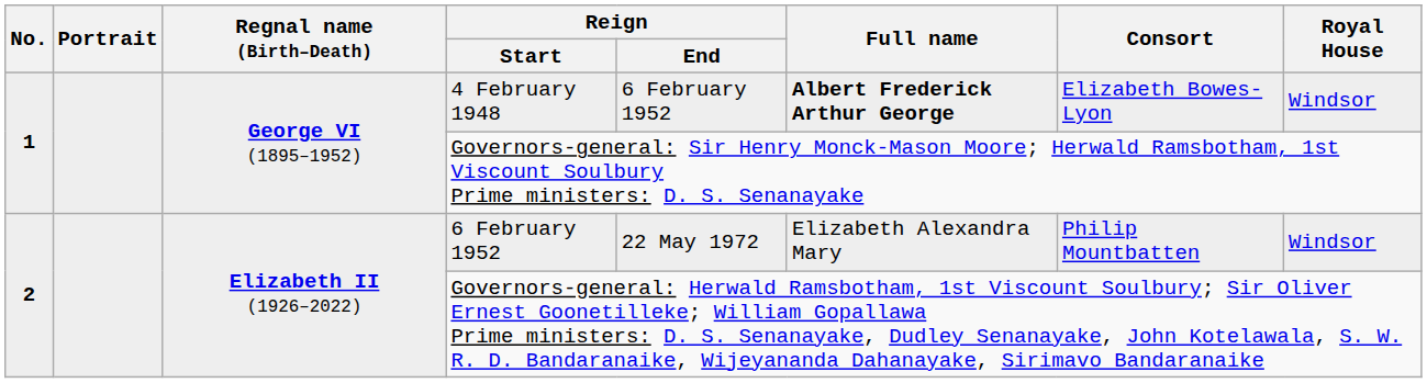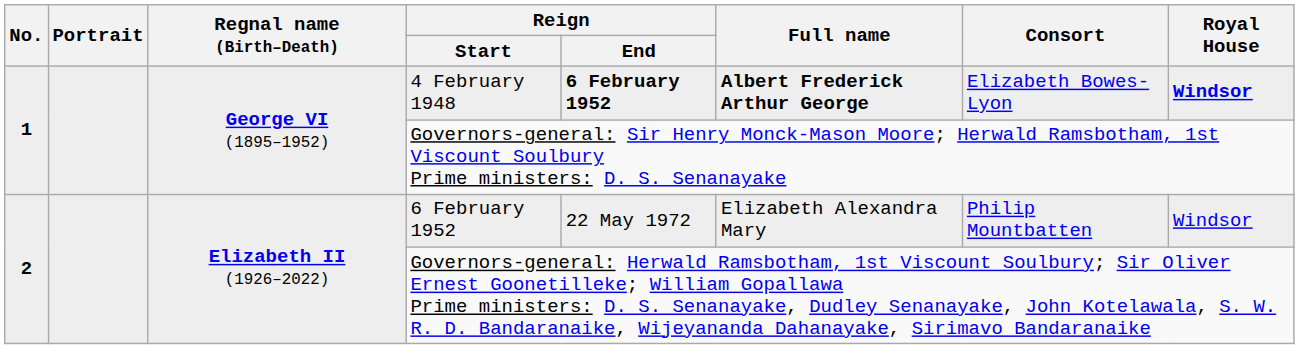 <table class="wikitable" style="width:100%;">
 <tr>
 <th rowspan="2">No.</th>
 <th rowspan="2">Portrait</th>
 <th rowspan="2" style="width:20%;">Regnal name<br><small>(Birth–Death)</small></th>
 <th colspan=2>Reign</th>
 <th rowspan="2">Full name</th>
 <th rowspan="2">Consort</th>
 <th rowspan="2">Royal House</th>
 </tr>
 <tr>
 <th>Start</th>
 <th>End</th>
 </tr>
 <tr style="background:#eee;">
 <td rowspan="2" style="text-align:center;"><strong>1</strong></td>
 <td rowspan="2" style="text-align:center;"></td>
 <td rowspan="2" style="text-align:center;"><strong><a href='#'>George VI</a></strong><br><small>(1895–1952)</small></td>
 <td>4 February 1948</td>
-<td>6 February 1952</td>
+<td><strong>6 February 1952</strong></td>
 <td><strong>Albert Frederick Arthur George</strong></td>
 <td><a href='#'>Elizabeth Bowes-Lyon</a></td>
-<td><a href='#'>Windsor</a></td>
+<td><strong><a href='#'>Windsor</a></strong></td>
 </tr>
 <tr>
 <td colspan="5"><u>Governors-general:</u> <a href='#'>Sir Henry Monck-Mason Moore</a>; <a href='#'>Herwald Ramsbotham, 1st Viscount Soulbury</a><br><u>Prime ministers:</u> <a href='#'>D. S. Senanayake</a></td>
 </tr>
 <tr style="background:#eee;">
 <td rowspan="2" style="text-align:center;"><strong>2</strong></td>
 <td rowspan="2" style="text-align:center;"></td>
 <td rowspan="2" style="text-align:center;"><strong><a href='#'>Elizabeth II</a></strong><br><small>(1926–2022)</small></td>
 <td>6 February 1952</td>
 <td>22 May 1972</td>
 <td>Elizabeth Alexandra Mary</td>
 <td><a href='#'>Philip Mountbatten</a></td>
 <td><a href='#'>Windsor</a></td>
 </tr>
 <tr>
 <td colspan="5"><u>Governors-general:</u> <a href='#'>Herwald Ramsbotham, 1st Viscount Soulbury</a>; <a href='#'>Sir Oliver Ernest Goonetilleke</a>; <a href='#'>William Gopallawa</a><br><u>Prime ministers:</u> <a href='#'>D. S. Senanayake</a>, <a href='#'>Dudley Senanayake</a>, <a href='#'>John Kotelawala</a>, <a href='#'>S. W. R. D. Bandaranaike</a>, <a href='#'>Wijeyananda Dahanayake</a>, <a href='#'>Sirimavo Bandaranaike</a></td>
 </tr>
 </table>
